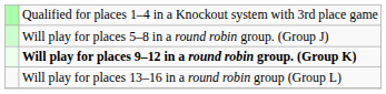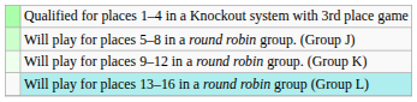 <table class="wikitable">
 <tr>
 <td width=10px bgcolor=#aaffaa></td>
 <td>Qualified for places 1–4 in a Knockout system with 3rd place game</td>
 </tr>
 <tr>
 <td width=10px bgcolor=#ccffcc></td>
 <td>Will play for places 5–8 in a <em>round robin</em> group. (Group J)</td>
 </tr>
 <tr>
 <td width=10px bgcolor=#eeffee></td>
-<td><strong>Will play for places 9–12 in a <em>round robin</em> group. (Group K)</strong></td>
+<td>Will play for places 9–12 in a <em>round robin</em> group. (Group K)</td>
 </tr>
 <tr>
 <td width=10px></td>
-<td>Will play for places 13–16 in a <em>round robin</em> group (Group L)</td>
+<td style="background: paleturquoise;">Will play for places 13–16 in a <em>round robin</em> group (Group L)</td>
 </tr>
 <tr>
 </tr>
 </table>
